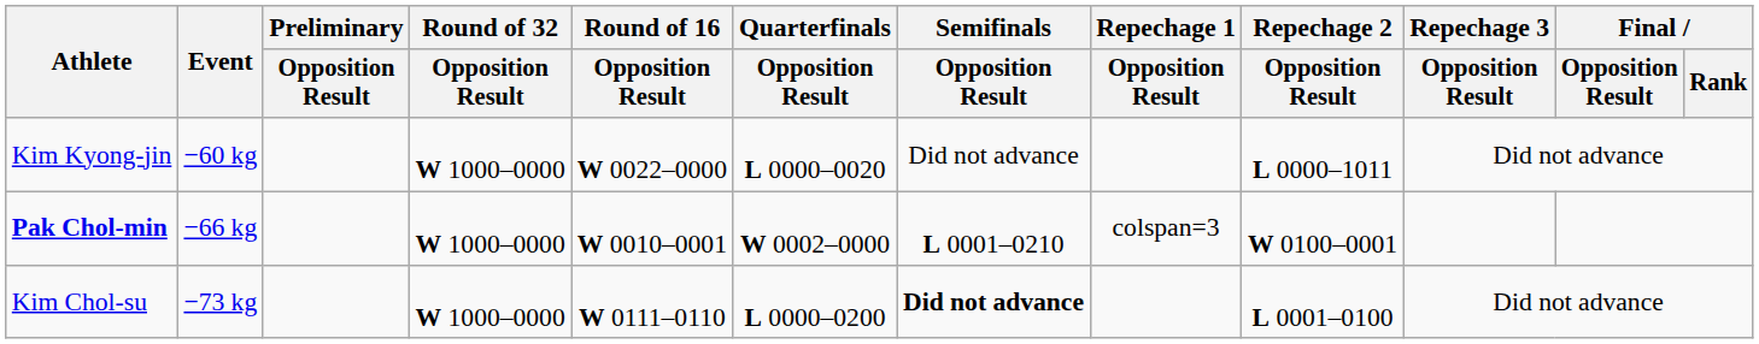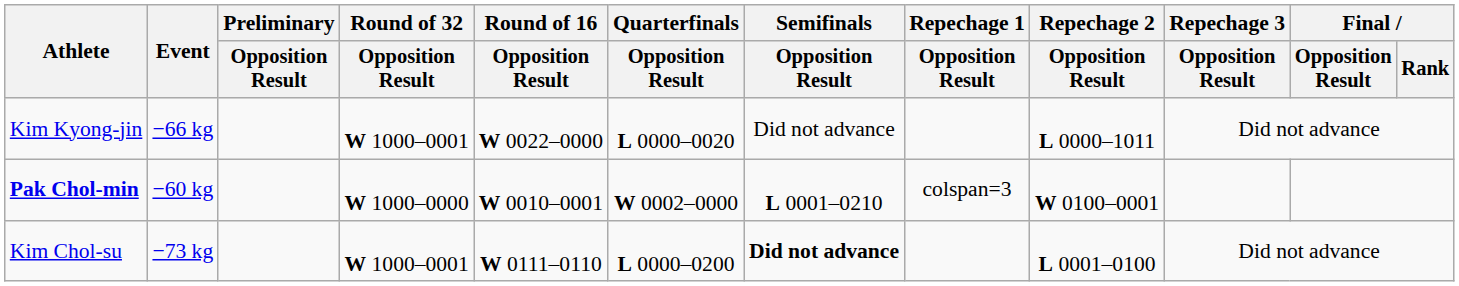 <table class="wikitable" style="font-size:90%">
 <tr>
 <th rowspan="2">Athlete</th>
 <th rowspan="2">Event</th>
 <th>Preliminary</th>
 <th>Round of 32</th>
 <th>Round of 16</th>
 <th>Quarterfinals</th>
 <th>Semifinals</th>
 <th>Repechage 1</th>
 <th>Repechage 2</th>
 <th>Repechage 3</th>
 <th colspan=2>Final / </th>
 </tr>
 <tr style="font-size:95%">
 <th>Opposition<br>Result</th>
 <th>Opposition<br>Result</th>
 <th>Opposition<br>Result</th>
 <th>Opposition<br>Result</th>
 <th>Opposition<br>Result</th>
 <th>Opposition<br>Result</th>
 <th>Opposition<br>Result</th>
 <th>Opposition<br>Result</th>
 <th>Opposition<br>Result</th>
 <th>Rank</th>
 </tr>
 <tr align=center>
 <td align=left><a href='#'>Kim Kyong-jin</a></td>
-<td align=left><a href='#'>−60 kg</a></td>
+<td align=left><a href='#'>−66 kg</a></td>
 <td></td>
-<td><br><strong>W</strong> 1000–0000</td>
+<td><br><strong>W</strong> 1000–0001</td>
 <td><br><strong>W</strong> 0022–0000</td>
 <td><br><strong>L</strong> 0000–0020</td>
 <td>Did not advance</td>
 <td></td>
 <td><br><strong>L</strong> 0000–1011</td>
 <td colspan=3>Did not advance</td>
 </tr>
 <tr align=center>
 <td align=left><strong><a href='#'>Pak Chol-min</a></strong></td>
-<td align=left><a href='#'>−66 kg</a></td>
+<td align=left><a href='#'>−60 kg</a></td>
 <td></td>
 <td><br><strong>W</strong> 1000–0000</td>
 <td><br><strong>W</strong> 0010–0001</td>
 <td><br><strong>W</strong> 0002–0000</td>
 <td><br><strong>L</strong> 0001–0210</td>
 <td>colspan=3 </td>
 <td><br><strong>W</strong> 0100–0001</td>
 <td></td>
 </tr>
 <tr align=center>
 <td align=left><a href='#'>Kim Chol-su</a></td>
 <td align=left><a href='#'>−73 kg</a></td>
 <td></td>
-<td><br><strong>W</strong> 1000–0000</td>
+<td><br><strong>W</strong> 1000–0001</td>
 <td><br><strong>W</strong> 0111–0110</td>
 <td><br><strong>L</strong> 0000–0200</td>
 <td><strong>Did not advance</strong></td>
 <td></td>
 <td><br><strong>L</strong> 0001–0100</td>
 <td colspan=3>Did not advance</td>
 </tr>
 </table>
